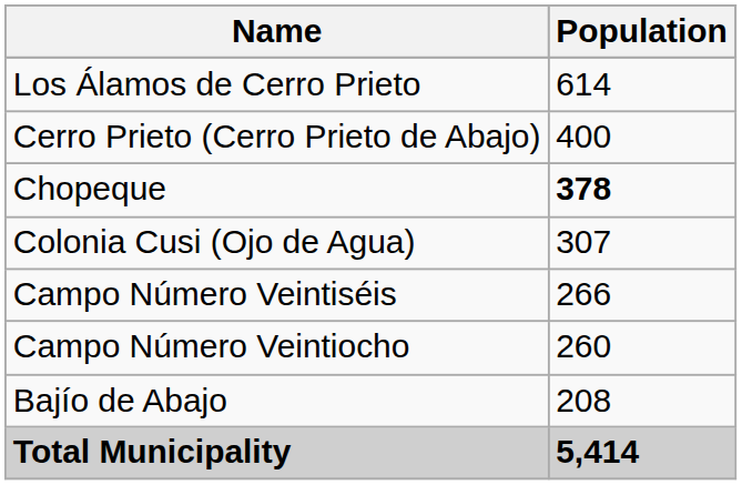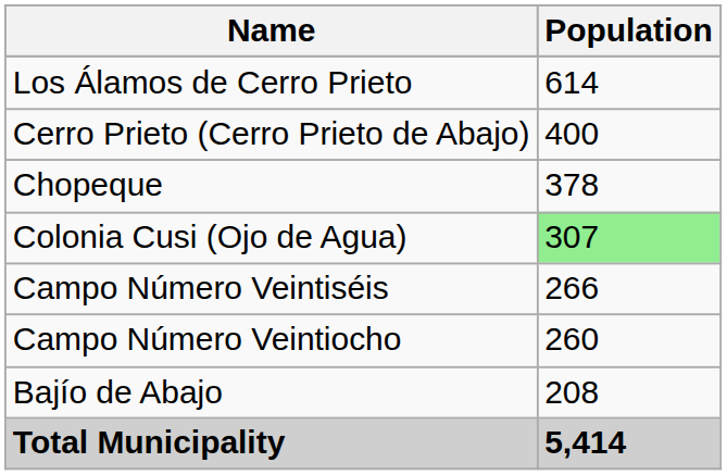 <table class="wikitable">
 <tr style="background:#000000; color:black;">
 <th><strong>Name</strong></th>
 <th><strong>Population</strong></th>
 </tr>
 <tr>
 <td>Los Álamos de Cerro Prieto</td>
 <td>614</td>
 </tr>
 <tr>
 <td>Cerro Prieto (Cerro Prieto de Abajo)</td>
 <td>400</td>
 </tr>
 <tr>
 <td>Chopeque</td>
-<td><strong>378</strong></td>
+<td>378</td>
 </tr>
 <tr>
 <td>Colonia Cusi (Ojo de Agua)</td>
-<td>307</td>
+<td style="background: lightgreen;">307</td>
 </tr>
 <tr>
 <td>Campo Número Veintiséis</td>
 <td>266</td>
 </tr>
 <tr>
 <td>Campo Número Veintiocho</td>
 <td>260</td>
 </tr>
 <tr>
 <td>Bajío de Abajo</td>
 <td>208</td>
 </tr>
 <tr style="background:#CFCFCF;">
 <td><strong>Total Municipality</strong></td>
 <td><strong>5,414</strong></td>
 </tr>
 </table>
